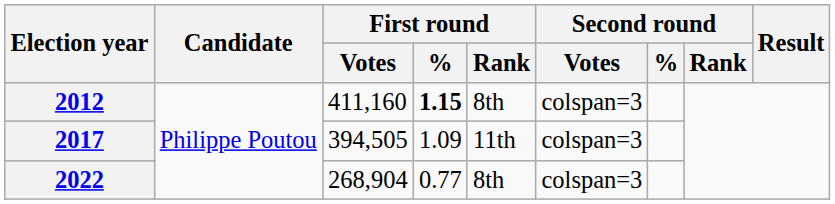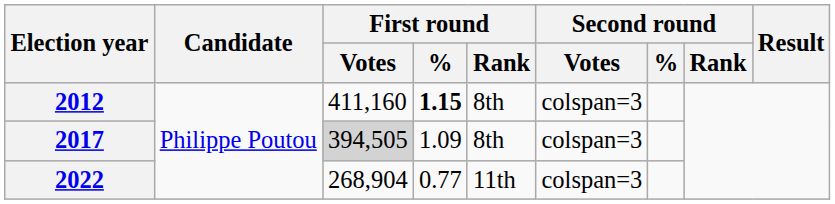 <table class="wikitable">
 <tr>
 <th rowspan="2">Election year</th>
 <th rowspan="2">Candidate</th>
 <th colspan="3">First round</th>
 <th colspan="3">Second round</th>
 <th rowspan="2">Result</th>
 </tr>
 <tr>
 <th>Votes</th>
 <th>%</th>
 <th>Rank</th>
 <th>Votes</th>
 <th>%</th>
 <th>Rank</th>
 </tr>
 <tr>
 <th><a href='#'>2012</a></th>
 <td rowspan=3><a href='#'>Philippe Poutou</a></td>
 <td>411,160</td>
 <td><strong>1.15</strong></td>
 <td> 8th</td>
 <td>colspan=3 </td>
 <td></td>
 </tr>
 <tr>
 <th><a href='#'>2017</a></th>
-<td>394,505</td>
+<td style="background: lightgrey;">394,505</td>
 <td>1.09</td>
-<td> 11th</td>
+<td> 8th</td>
 <td>colspan=3 </td>
 <td></td>
 </tr>
 <tr>
 <th><a href='#'>2022</a></th>
 <td>268,904</td>
 <td>0.77</td>
-<td> 8th</td>
+<td> 11th</td>
 <td>colspan=3 </td>
 <td></td>
 </tr>
 </table>
